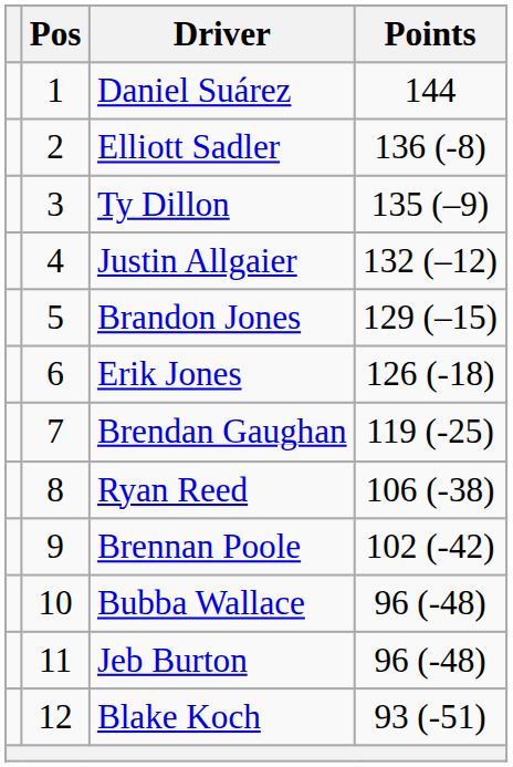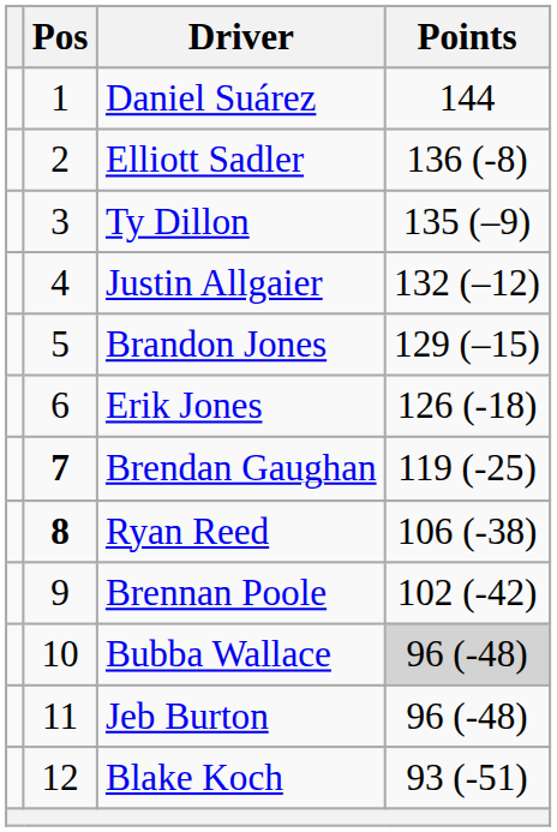 <table class="wikitable" style="font-size: 95%;">
 <tr>
 <th></th>
 <th>Pos</th>
 <th>Driver</th>
 <th>Points</th>
 </tr>
 <tr>
 <td align="left"></td>
 <td style="text-align:center;">1</td>
 <td><a href='#'>Daniel Suárez</a></td>
 <td style="text-align:center;">144</td>
 </tr>
 <tr>
 <td align="left"></td>
 <td style="text-align:center;">2</td>
 <td><a href='#'>Elliott Sadler</a></td>
 <td style="text-align:center;">136 (-8)</td>
 </tr>
 <tr>
 <td align="left"></td>
 <td style="text-align:center;">3</td>
 <td><a href='#'>Ty Dillon</a></td>
 <td style="text-align:center;">135 (–9)</td>
 </tr>
 <tr>
 <td align="left"></td>
 <td style="text-align:center;">4</td>
 <td><a href='#'>Justin Allgaier</a></td>
 <td style="text-align:center;">132 (–12)</td>
 </tr>
 <tr>
 <td align="left"></td>
 <td style="text-align:center;">5</td>
 <td><a href='#'>Brandon Jones</a></td>
 <td style="text-align:center;">129 (–15)</td>
 </tr>
 <tr>
 <td align="left"></td>
 <td style="text-align:center;">6</td>
 <td><a href='#'>Erik Jones</a></td>
 <td style="text-align:center;">126 (-18)</td>
 </tr>
 <tr>
 <td align="left"></td>
-<td style="text-align:center;">7</td>
+<td style="text-align:center;"><strong>7</strong></td>
 <td><a href='#'>Brendan Gaughan</a></td>
 <td style="text-align:center;">119 (-25)</td>
 </tr>
 <tr>
 <td align="left"></td>
-<td style="text-align:center;">8</td>
+<td style="text-align:center;"><strong>8</strong></td>
 <td><a href='#'>Ryan Reed</a></td>
 <td style="text-align:center;">106 (-38)</td>
 </tr>
 <tr>
 <td align="left"></td>
 <td style="text-align:center;">9</td>
 <td><a href='#'>Brennan Poole</a></td>
 <td style="text-align:center;">102 (-42)</td>
 </tr>
 <tr>
 <td align="left"></td>
 <td style="text-align:center;">10</td>
 <td><a href='#'>Bubba Wallace</a></td>
-<td style="text-align:center;">96 (-48)</td>
+<td style="background: lightgrey; text-align:center;">96 (-48)</td>
 </tr>
 <tr>
 <td align="left"></td>
 <td style="text-align:center;">11</td>
 <td><a href='#'>Jeb Burton</a></td>
 <td style="text-align:center;">96 (-48)</td>
 </tr>
 <tr>
 <td align="left"></td>
 <td style="text-align:center;">12</td>
 <td><a href='#'>Blake Koch</a></td>
 <td style="text-align:center;">93 (-51)</td>
 </tr>
 <tr class="sortbottom">
 <th colspan="9"></th>
 </tr>
 </table>
